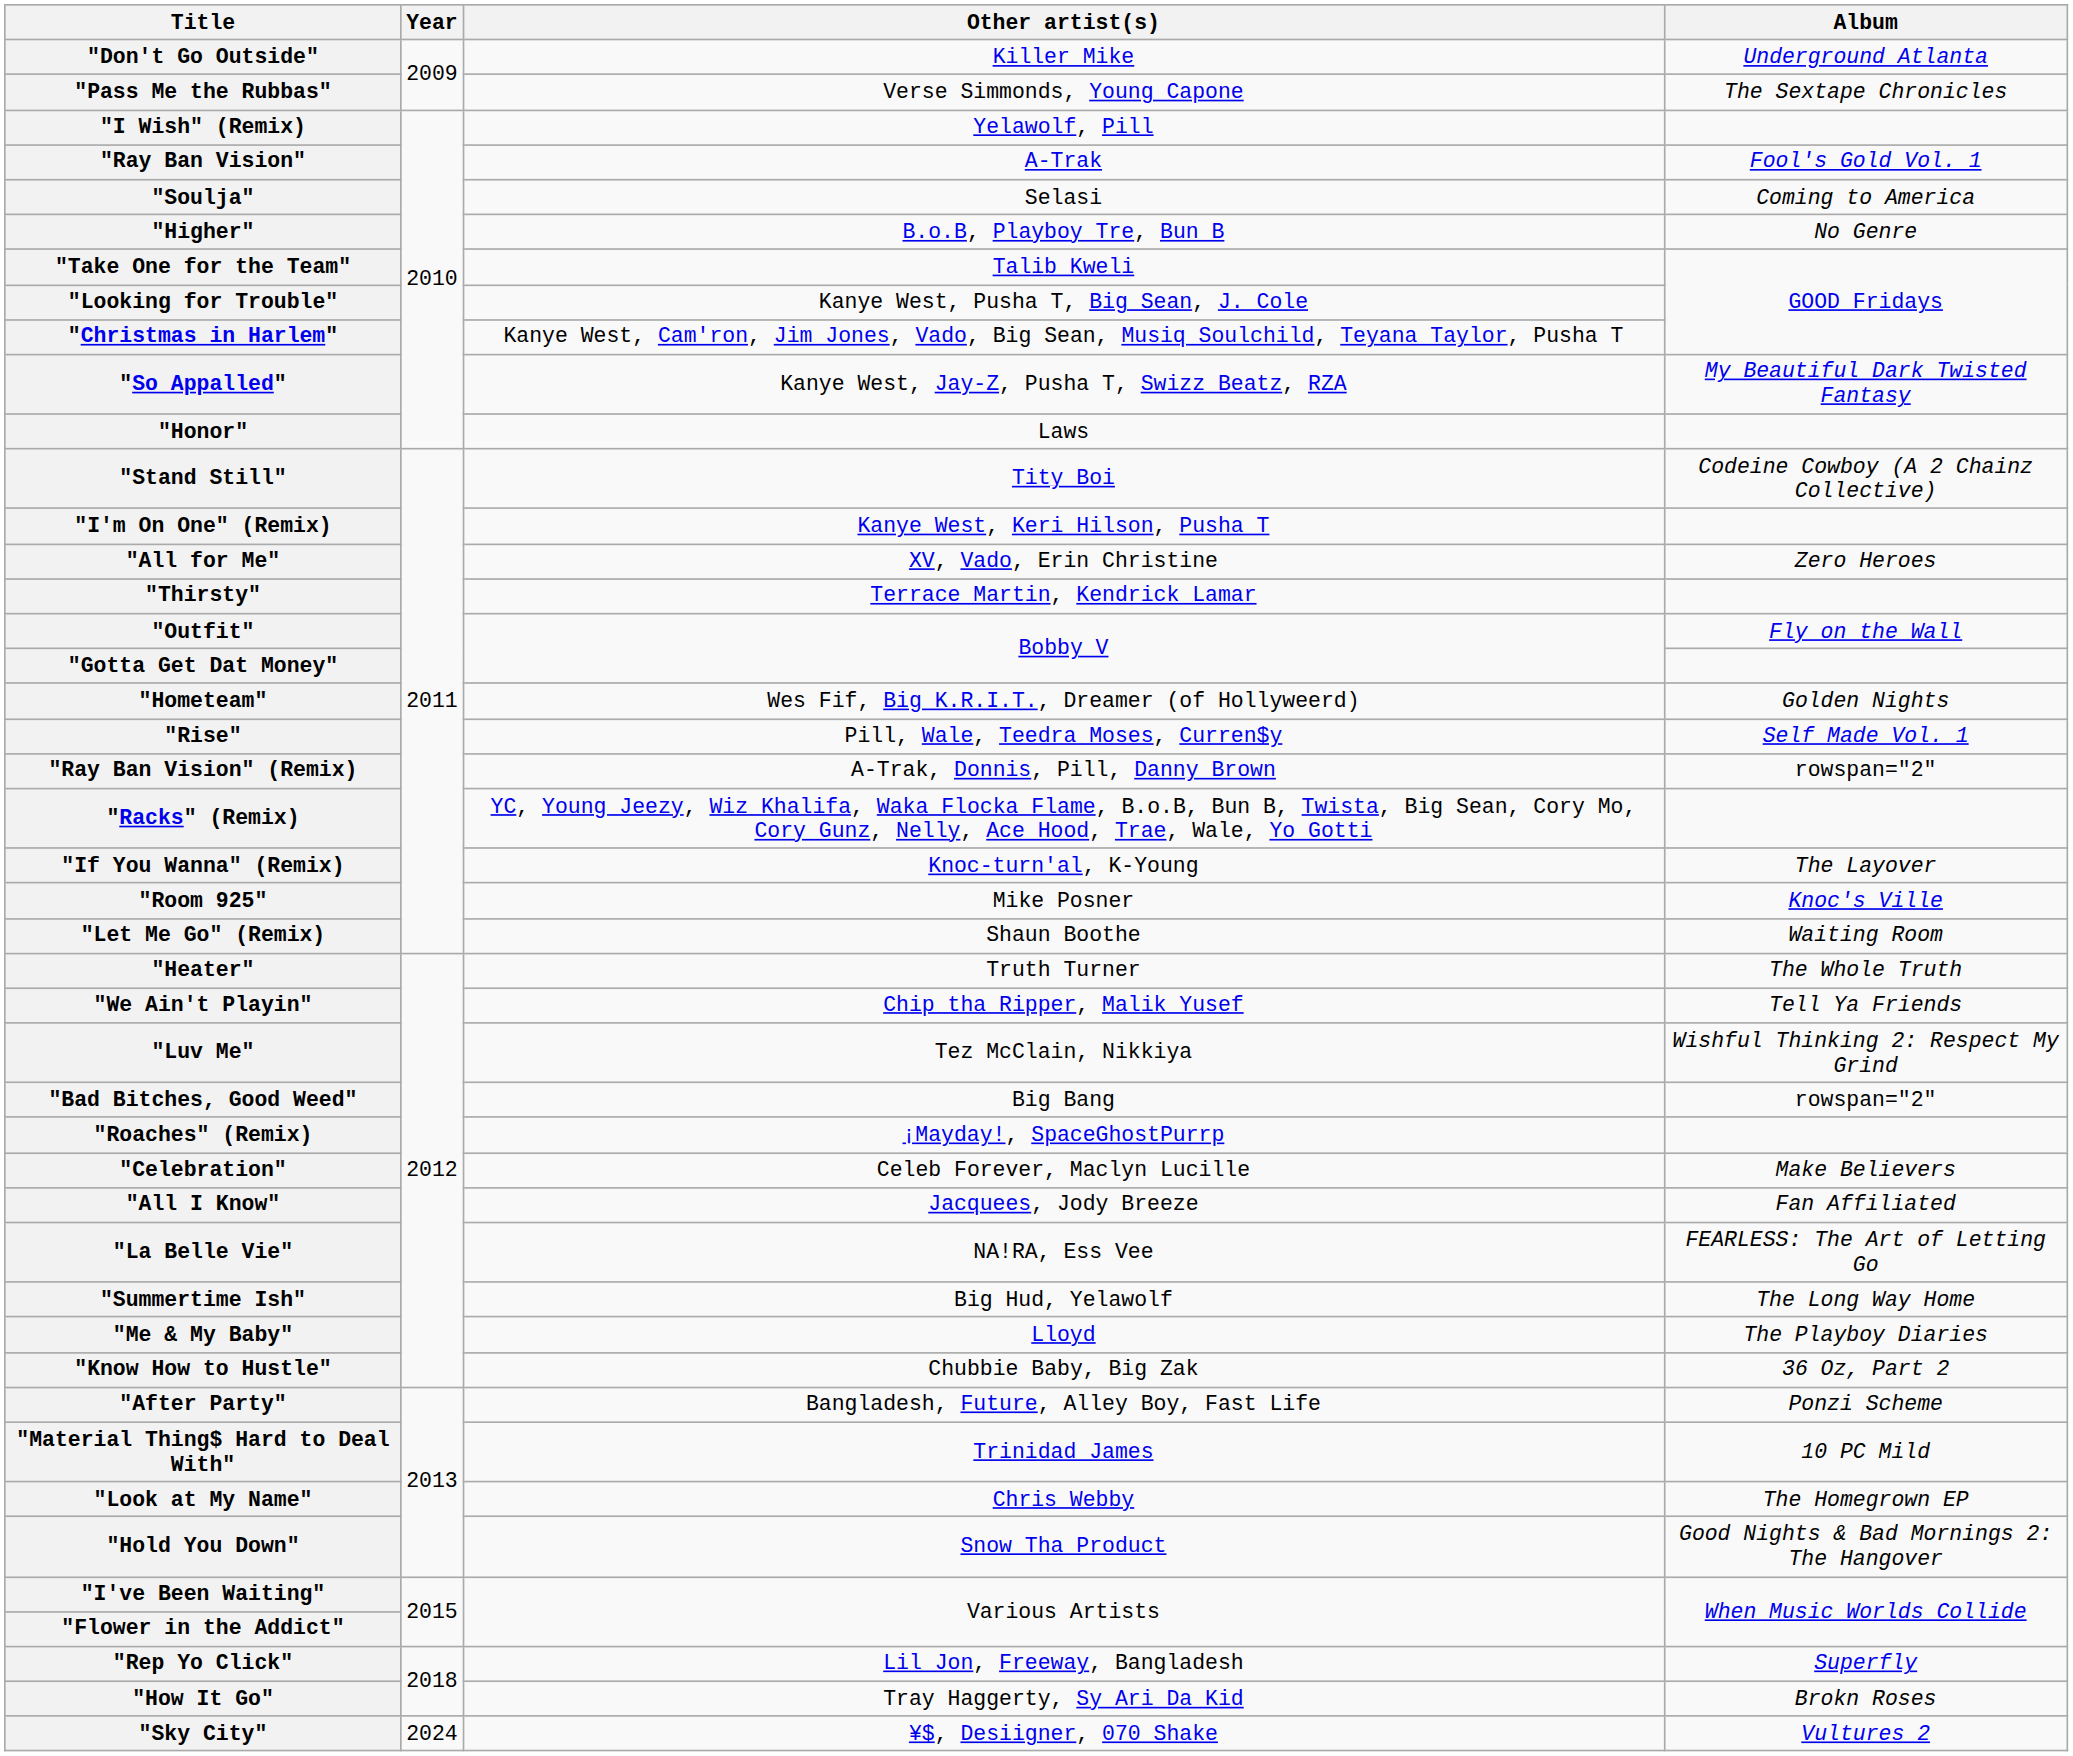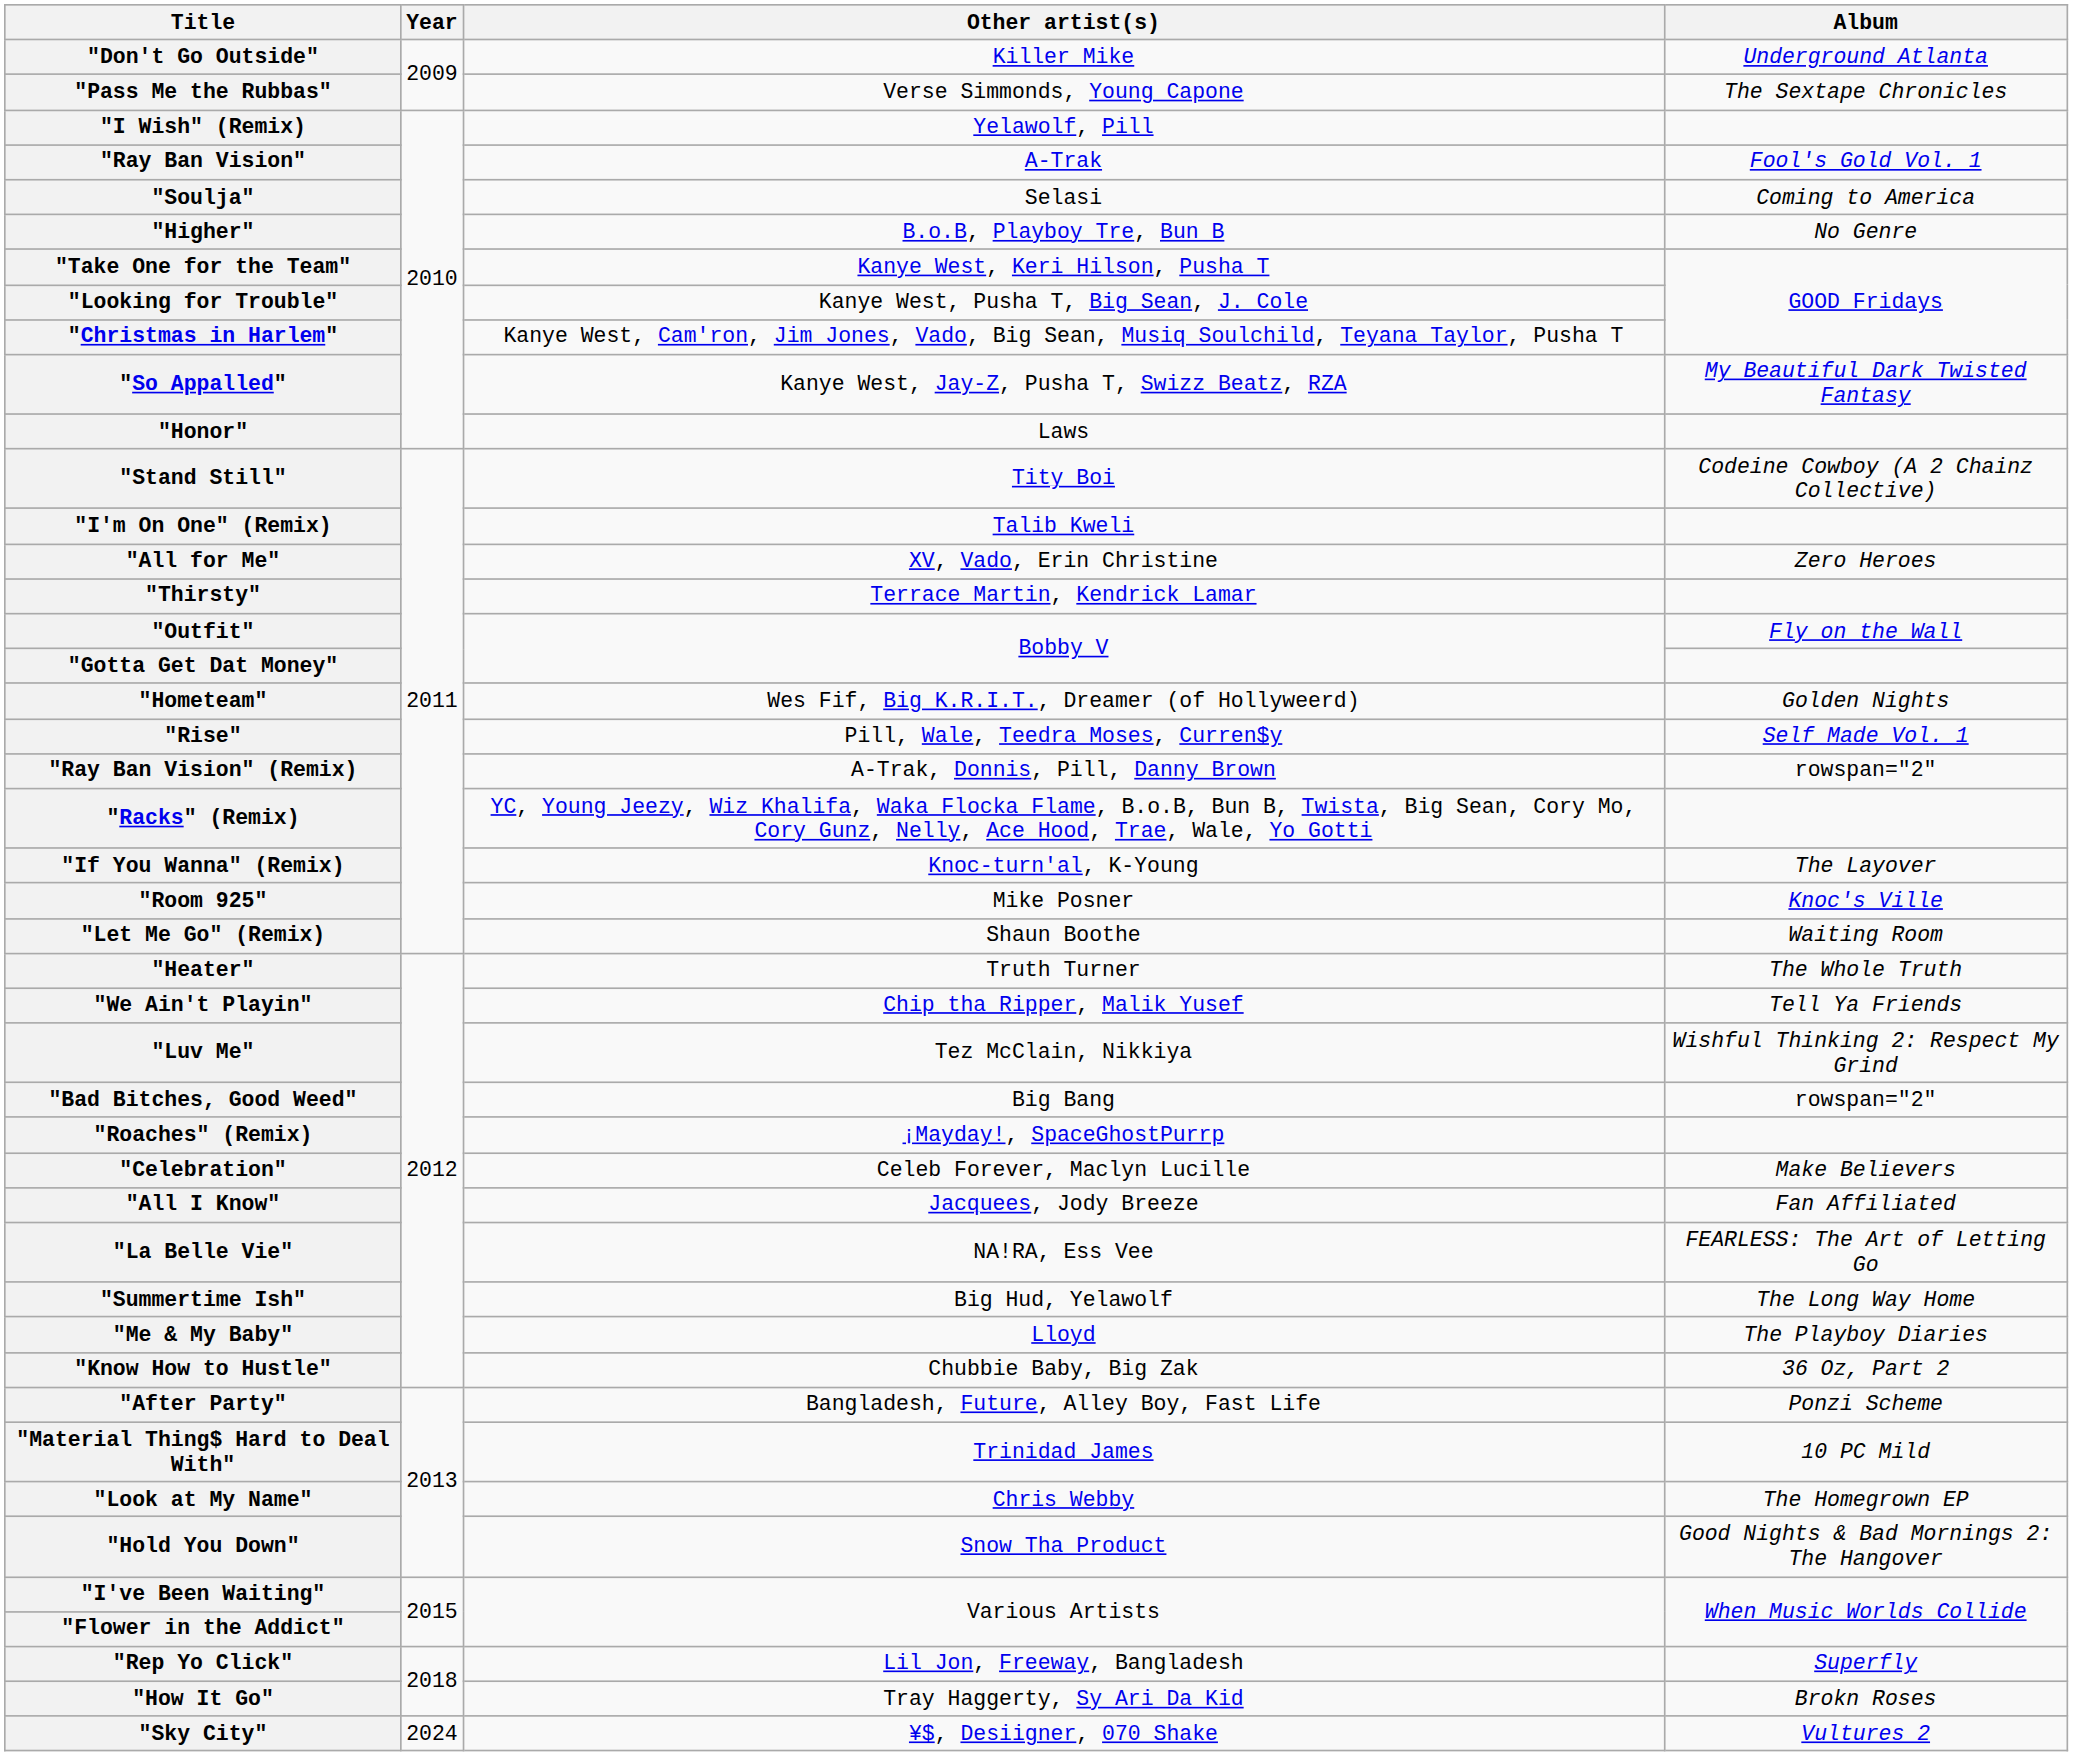 <table class="wikitable plainrowheaders" style="text-align:center;">
 <tr>
 <th scope="col" style="width:18em;">Title</th>
 <th scope="col">Year</th>
 <th scope="col">Other artist(s)</th>
 <th scope="col">Album</th>
 </tr>
 <tr>
 <th scope="row">"Don't Go Outside"</th>
 <td rowspan="2">2009</td>
 <td><a href='#'>Killer Mike</a></td>
 <td><em><a href='#'>Underground Atlanta</a></em></td>
 </tr>
 <tr>
 <th scope="row">"Pass Me the Rubbas"</th>
 <td>Verse Simmonds, <a href='#'>Young Capone</a></td>
 <td><em>The Sextape Chronicles</em></td>
 </tr>
 <tr>
 <th scope="row">"I Wish" (Remix)</th>
 <td rowspan="9">2010</td>
 <td><a href='#'>Yelawolf</a>, <a href='#'>Pill</a></td>
 <td></td>
 </tr>
 <tr>
 <th scope="row">"Ray Ban Vision"</th>
 <td><a href='#'>A-Trak</a></td>
 <td><em><a href='#'>Fool's Gold Vol. 1</a></em></td>
 </tr>
 <tr>
 <th scope="row">"Soulja"</th>
 <td>Selasi</td>
 <td><em>Coming to America</em></td>
 </tr>
 <tr>
 <th scope="row">"Higher"</th>
 <td><a href='#'>B.o.B</a>, <a href='#'>Playboy Tre</a>, <a href='#'>Bun B</a></td>
 <td><em>No Genre</em></td>
 </tr>
 <tr>
 <th scope="row">"Take One for the Team"</th>
-<td><a href='#'>Talib Kweli</a></td>
+<td><a href='#'>Kanye West</a>, <a href='#'>Keri Hilson</a>, <a href='#'>Pusha T</a></td>
 <td rowspan="3"><a href='#'>GOOD Fridays</a></td>
 </tr>
 <tr>
 <th scope="row">"Looking for Trouble"</th>
 <td>Kanye West, Pusha T, <a href='#'>Big Sean</a>, <a href='#'>J. Cole</a></td>
 </tr>
 <tr>
 <th scope="row">"<a href='#'>Christmas in Harlem</a>"</th>
 <td>Kanye West, <a href='#'>Cam'ron</a>, <a href='#'>Jim Jones</a>, <a href='#'>Vado</a>, Big Sean, <a href='#'>Musiq Soulchild</a>, <a href='#'>Teyana Taylor</a>, Pusha T</td>
 </tr>
 <tr>
 <th scope="row">"<a href='#'>So Appalled</a>"</th>
 <td>Kanye West, <a href='#'>Jay-Z</a>, Pusha T, <a href='#'>Swizz Beatz</a>, <a href='#'>RZA</a></td>
 <td><em><a href='#'>My Beautiful Dark Twisted Fantasy</a></em></td>
 </tr>
 <tr>
 <th scope="row">"Honor"</th>
 <td>Laws</td>
 <td></td>
 </tr>
 <tr>
 <th scope="row">"Stand Still"</th>
 <td rowspan="13">2011</td>
 <td><a href='#'>Tity Boi</a></td>
 <td><em>Codeine Cowboy (A 2 Chainz Collective)</em></td>
 </tr>
 <tr>
 <th scope="row">"I'm On One" (Remix)</th>
-<td><a href='#'>Kanye West</a>, <a href='#'>Keri Hilson</a>, <a href='#'>Pusha T</a></td>
+<td><a href='#'>Talib Kweli</a></td>
 <td></td>
 </tr>
 <tr>
 <th scope="row">"All for Me"</th>
 <td><a href='#'>XV</a>, <a href='#'>Vado</a>, Erin Christine</td>
 <td><em>Zero Heroes</em></td>
 </tr>
 <tr>
 <th scope="row">"Thirsty"</th>
 <td><a href='#'>Terrace Martin</a>, <a href='#'>Kendrick Lamar</a></td>
 <td></td>
 </tr>
 <tr>
 <th scope="row">"Outfit"</th>
 <td rowspan="2"><a href='#'>Bobby V</a></td>
 <td><em><a href='#'>Fly on the Wall</a></em></td>
 </tr>
 <tr>
 <th scope="row">"Gotta Get Dat Money"</th>
 <td></td>
 </tr>
 <tr>
 <th scope="row">"Hometeam"</th>
 <td>Wes Fif, <a href='#'>Big K.R.I.T.</a>, Dreamer (of Hollyweerd)</td>
 <td><em>Golden Nights</em></td>
 </tr>
 <tr>
 <th scope="row">"Rise"</th>
 <td>Pill, <a href='#'>Wale</a>, <a href='#'>Teedra Moses</a>, <a href='#'>Curren$y</a></td>
 <td><em><a href='#'>Self Made Vol. 1</a></em></td>
 </tr>
 <tr>
 <th scope="row">"Ray Ban Vision" (Remix)</th>
 <td>A-Trak, <a href='#'>Donnis</a>, Pill, <a href='#'>Danny Brown</a></td>
 <td>rowspan="2" </td>
 </tr>
 <tr>
 <th scope="row">"<a href='#'>Racks</a>" (Remix)</th>
 <td><a href='#'>YC</a>, <a href='#'>Young Jeezy</a>, <a href='#'>Wiz Khalifa</a>, <a href='#'>Waka Flocka Flame</a>, B.o.B, Bun B, <a href='#'>Twista</a>, Big Sean, Cory Mo, <a href='#'>Cory Gunz</a>, <a href='#'>Nelly</a>, <a href='#'>Ace Hood</a>, <a href='#'>Trae</a>, Wale, <a href='#'>Yo Gotti</a></td>
 </tr>
 <tr>
 <th scope="row">"If You Wanna" (Remix)</th>
 <td><a href='#'>Knoc-turn'al</a>, K-Young</td>
 <td><em>The Layover</em></td>
 </tr>
 <tr>
 <th scope="row">"Room 925"</th>
 <td>Mike Posner</td>
 <td><em><a href='#'>Knoc's Ville</a></em></td>
 </tr>
 <tr>
 <th scope="row">"Let Me Go" (Remix)</th>
 <td>Shaun Boothe</td>
 <td><em>Waiting Room</em></td>
 </tr>
 <tr>
 <th scope="row">"Heater"</th>
 <td rowspan="11">2012</td>
 <td>Truth Turner</td>
 <td><em>The Whole Truth</em></td>
 </tr>
 <tr>
 <th scope="row">"We Ain't Playin"</th>
 <td><a href='#'>Chip tha Ripper</a>, <a href='#'>Malik Yusef</a></td>
 <td><em>Tell Ya Friends</em></td>
 </tr>
 <tr>
 <th scope="row">"Luv Me"</th>
 <td>Tez McClain, Nikkiya</td>
 <td><em>Wishful Thinking 2: Respect My Grind</em></td>
 </tr>
 <tr>
 <th scope="row">"Bad Bitches, Good Weed"</th>
 <td>Big Bang</td>
 <td>rowspan="2" </td>
 </tr>
 <tr>
 <th scope="row">"Roaches" (Remix)</th>
 <td><a href='#'>¡Mayday!</a>, <a href='#'>SpaceGhostPurrp</a></td>
 </tr>
 <tr>
 <th scope="row">"Celebration"</th>
 <td>Celeb Forever, Maclyn Lucille</td>
 <td><em>Make Believers</em></td>
 </tr>
 <tr>
 <th scope="row">"All I Know"</th>
 <td><a href='#'>Jacquees</a>, Jody Breeze</td>
 <td><em>Fan Affiliated</em></td>
 </tr>
 <tr>
 <th scope="row">"La Belle Vie"</th>
 <td>NA!RA, Ess Vee</td>
 <td><em>FEARLESS: The Art of Letting Go</em></td>
 </tr>
 <tr>
 <th scope="row">"Summertime Ish"</th>
 <td>Big Hud, Yelawolf</td>
 <td><em>The Long Way Home</em></td>
 </tr>
 <tr>
 <th scope="row">"Me & My Baby"</th>
 <td><a href='#'>Lloyd</a></td>
 <td><em>The Playboy Diaries</em></td>
 </tr>
 <tr>
 <th scope="row">"Know How to Hustle"</th>
 <td>Chubbie Baby, Big Zak</td>
 <td><em>36 Oz, Part 2</em></td>
 </tr>
 <tr>
 <th scope="row">"After Party"</th>
 <td rowspan="4">2013</td>
 <td>Bangladesh, <a href='#'>Future</a>, Alley Boy, Fast Life</td>
 <td><em>Ponzi Scheme</em></td>
 </tr>
 <tr>
 <th scope="row">"Material Thing$ Hard to Deal With"</th>
 <td><a href='#'>Trinidad James</a></td>
 <td><em>10 PC Mild</em></td>
 </tr>
 <tr>
 <th scope="row">"Look at My Name"</th>
 <td><a href='#'>Chris Webby</a></td>
 <td><em>The Homegrown EP</em></td>
 </tr>
 <tr>
 <th scope="row">"Hold You Down"</th>
 <td><a href='#'>Snow Tha Product</a></td>
 <td><em>Good Nights & Bad Mornings 2: The Hangover</em></td>
 </tr>
 <tr>
 <th scope="row">"I've Been Waiting"</th>
 <td rowspan="2">2015</td>
 <td rowspan="2">Various Artists</td>
 <td rowspan="2"><em><a href='#'>When Music Worlds Collide</a></em></td>
 </tr>
 <tr>
 <th scope="row">"Flower in the Addict"</th>
 </tr>
 <tr>
 <th scope="row">"Rep Yo Click"</th>
 <td rowspan="2">2018</td>
 <td><a href='#'>Lil Jon</a>, <a href='#'>Freeway</a>, Bangladesh</td>
 <td><em><a href='#'>Superfly</a></em></td>
 </tr>
 <tr>
 <th scope="row">"How It Go"</th>
 <td>Tray Haggerty, <a href='#'>Sy Ari Da Kid</a></td>
 <td><em>Brokn Roses</em></td>
 </tr>
 <tr>
 <th scope="row">"Sky City"</th>
 <td>2024</td>
 <td><a href='#'>¥$</a>, <a href='#'>Desiigner</a>, <a href='#'>070 Shake</a></td>
 <td><em><a href='#'>Vultures 2</a></em></td>
 </tr>
 </table>
